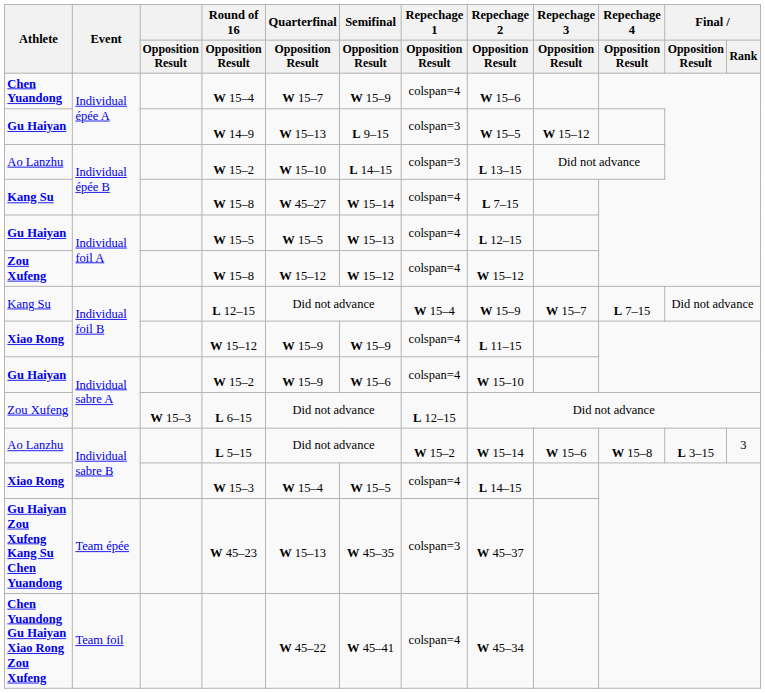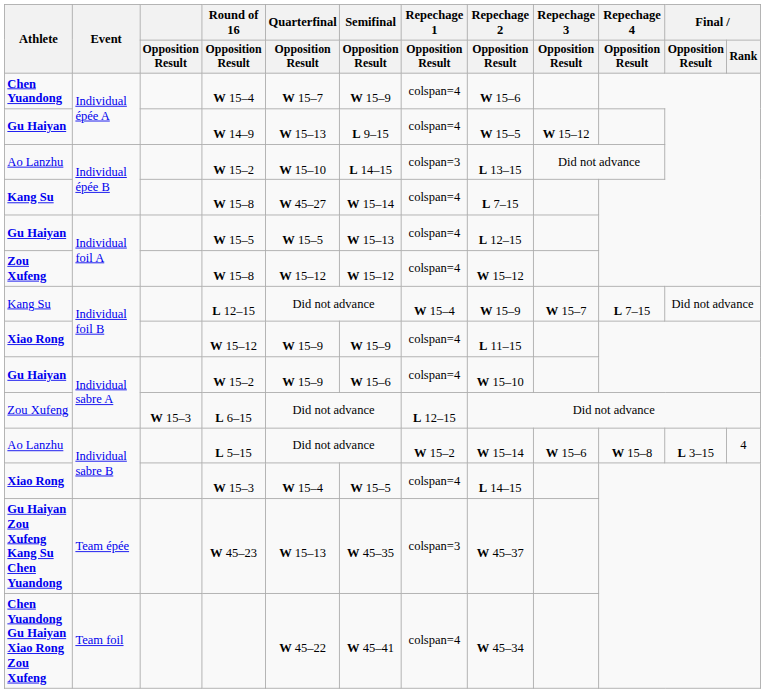 <table class=wikitable style=font-size:90%;text-align:center>
 <tr>
 <th rowspan=2>Athlete</th>
 <th rowspan=2>Event</th>
 <th></th>
 <th>Round of 16</th>
 <th>Quarterfinal</th>
 <th>Semifinal</th>
 <th>Repechage 1</th>
 <th>Repechage 2</th>
 <th>Repechage 3</th>
 <th>Repechage 4</th>
 <th colspan=2>Final / </th>
 </tr>
 <tr style=font-size:95%>
 <th>Opposition<br>Result</th>
 <th>Opposition<br>Result</th>
 <th>Opposition<br>Result</th>
 <th>Opposition<br>Result</th>
 <th>Opposition<br>Result</th>
 <th>Opposition<br>Result</th>
 <th>Opposition<br>Result</th>
 <th>Opposition<br>Result</th>
 <th>Opposition<br>Result</th>
 <th>Rank</th>
 </tr>
 <tr align=center>
 <td align=left><strong><a href='#'>Chen Yuandong</a></strong></td>
 <td align=left rowspan=2><a href='#'>Individual épée A</a></td>
 <td></td>
 <td><br><strong>W</strong> 15–4</td>
 <td><br><strong>W</strong> 15–7</td>
 <td><br><strong>W</strong> 15–9</td>
 <td>colspan=4 </td>
 <td><br><strong>W</strong> 15–6</td>
 <td></td>
 </tr>
 <tr align=center>
 <td align=left><strong><a href='#'>Gu Haiyan</a></strong></td>
 <td></td>
 <td><br><strong>W</strong> 14–9</td>
 <td><br><strong>W</strong> 15–13</td>
 <td><br><strong>L</strong> 9–15</td>
-<td>colspan=3 </td>
+<td>colspan=4 </td>
 <td><br><strong>W</strong> 15–5</td>
 <td><br><strong>W</strong> 15–12</td>
 <td></td>
 </tr>
 <tr align=center>
 <td align=left><a href='#'>Ao Lanzhu</a></td>
 <td align=left rowspan=2><a href='#'>Individual épée B</a></td>
 <td></td>
 <td><br><strong>W</strong> 15–2</td>
 <td><br><strong>W</strong> 15–10</td>
 <td><br><strong>L</strong> 14–15</td>
 <td>colspan=3 </td>
 <td><br><strong>L</strong> 13–15</td>
 <td colspan=2>Did not advance</td>
 </tr>
 <tr align=center>
 <td align=left><strong><a href='#'>Kang Su</a></strong></td>
 <td></td>
 <td><br><strong>W</strong> 15–8</td>
 <td><br><strong>W</strong> 45–27</td>
 <td><br><strong>W</strong> 15–14</td>
 <td>colspan=4 </td>
 <td><br><strong>L</strong> 7–15</td>
 <td></td>
 </tr>
 <tr align=center>
 <td align=left><strong><a href='#'>Gu Haiyan</a></strong></td>
 <td align=left rowspan=2><a href='#'>Individual foil A</a></td>
 <td></td>
 <td><br><strong>W</strong> 15–5</td>
 <td><br><strong>W</strong> 15–5</td>
 <td><br><strong>W</strong> 15–13</td>
 <td>colspan=4 </td>
 <td><br><strong>L</strong> 12–15</td>
 <td></td>
 </tr>
 <tr align=center>
 <td align=left><strong><a href='#'>Zou Xufeng</a></strong></td>
 <td></td>
 <td><br><strong>W</strong> 15–8</td>
 <td><br><strong>W</strong> 15–12</td>
 <td><br><strong>W</strong> 15–12</td>
 <td>colspan=4 </td>
 <td><br><strong>W</strong> 15–12</td>
 <td></td>
 </tr>
 <tr align=center>
 <td align=left><a href='#'>Kang Su</a></td>
 <td align=left rowspan=2><a href='#'>Individual foil B</a></td>
 <td></td>
 <td><br><strong>L</strong> 12–15</td>
 <td colspan=2>Did not advance</td>
 <td><br><strong>W</strong> 15–4</td>
 <td><br><strong>W</strong> 15–9</td>
 <td><br><strong>W</strong> 15–7</td>
 <td><br><strong>L</strong> 7–15</td>
 <td colspan=2>Did not advance</td>
 </tr>
 <tr align=center>
 <td align=left><strong><a href='#'>Xiao Rong</a></strong></td>
 <td></td>
 <td><br><strong>W</strong> 15–12</td>
 <td><br><strong>W</strong> 15–9</td>
 <td><br><strong>W</strong> 15–9</td>
 <td>colspan=4 </td>
 <td><br><strong>L</strong> 11–15</td>
 <td></td>
 </tr>
 <tr align=center>
 <td align=left><strong><a href='#'>Gu Haiyan</a></strong></td>
 <td align=left rowspan=2><a href='#'>Individual sabre A</a></td>
 <td></td>
 <td><br><strong>W</strong> 15–2</td>
 <td><br><strong>W</strong> 15–9</td>
 <td><br><strong>W</strong> 15–6</td>
 <td>colspan=4 </td>
 <td><br><strong>W</strong> 15–10</td>
 <td></td>
 </tr>
 <tr align=center>
 <td align=left><a href='#'>Zou Xufeng</a></td>
 <td><br><strong>W</strong> 15–3</td>
 <td><br><strong>L</strong> 6–15</td>
 <td colspan=2>Did not advance</td>
 <td><br><strong>L</strong> 12–15</td>
 <td colspan=5>Did not advance</td>
 </tr>
 <tr align=center>
 <td align=left><a href='#'>Ao Lanzhu</a></td>
 <td align=left rowspan=2><a href='#'>Individual sabre B</a></td>
 <td></td>
 <td><br><strong>L</strong> 5–15</td>
 <td colspan=2>Did not advance</td>
 <td><br><strong>W</strong> 15–2</td>
 <td><br><strong>W</strong> 15–14</td>
 <td><br><strong>W</strong> 15–6</td>
 <td><br><strong>W</strong> 15–8</td>
 <td><br><strong>L</strong> 3–15</td>
-<td>3</td>
+<td>4</td>
 </tr>
 <tr align=center>
 <td align=left><strong><a href='#'>Xiao Rong</a></strong></td>
 <td></td>
 <td><br><strong>W</strong> 15–3</td>
 <td><br><strong>W</strong> 15–4</td>
 <td><br><strong>W</strong> 15–5</td>
 <td>colspan=4 </td>
 <td><br><strong>L</strong> 14–15</td>
 <td></td>
 </tr>
 <tr align=center>
 <td align=left><strong><a href='#'>Gu Haiyan</a></strong><br><strong><a href='#'>Zou Xufeng</a></strong><br><strong><a href='#'>Kang Su</a></strong><br><strong><a href='#'>Chen Yuandong</a></strong></td>
 <td align=left><a href='#'>Team épée</a></td>
 <td></td>
 <td><br><strong>W</strong> 45–23</td>
 <td><br><strong>W</strong> 15–13</td>
 <td><br><strong>W</strong> 45–35</td>
 <td>colspan=3 </td>
 <td><br><strong>W</strong> 45–37</td>
 <td></td>
 </tr>
 <tr align=center>
 <td align=left><strong><a href='#'>Chen Yuandong</a></strong><br><strong><a href='#'>Gu Haiyan</a></strong><br><strong><a href='#'>Xiao Rong</a></strong><br><strong><a href='#'>Zou Xufeng</a></strong></td>
 <td align=left><a href='#'>Team foil</a></td>
 <td></td>
 <td></td>
 <td><br><strong>W</strong> 45–22</td>
 <td><br><strong>W</strong> 45–41</td>
 <td>colspan=4 </td>
 <td><br><strong>W</strong> 45–34</td>
 <td></td>
 </tr>
 </table>
